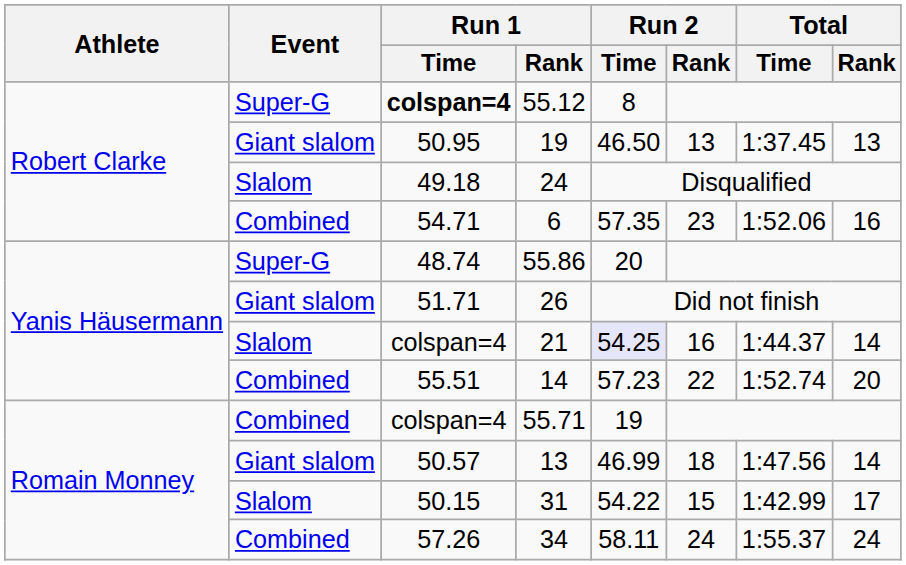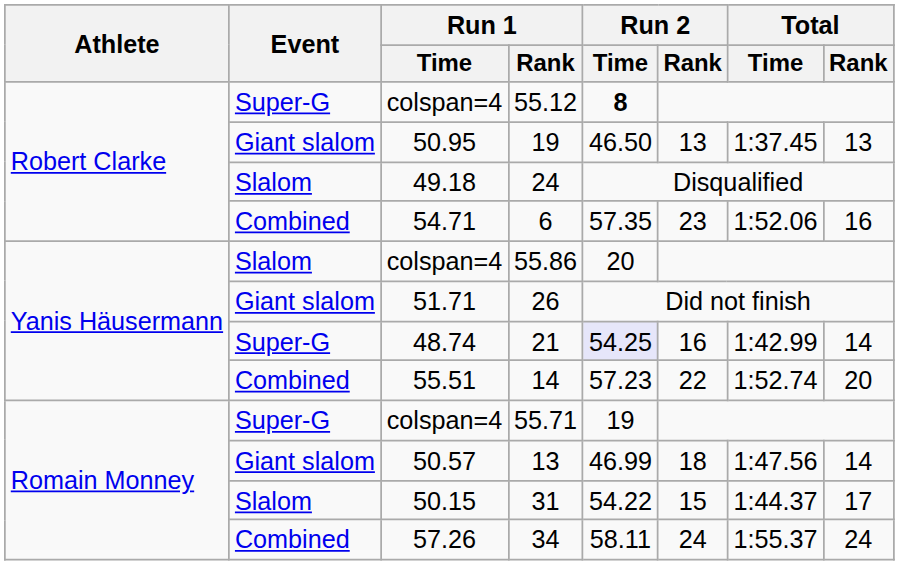 <table class="wikitable" style="font-size:90%">
 <tr>
 <th rowspan=2>Athlete</th>
 <th rowspan=2>Event</th>
 <th colspan=2>Run 1</th>
 <th colspan=2>Run 2</th>
 <th colspan=2>Total</th>
 </tr>
 <tr style="font-size:95%">
 <th>Time</th>
 <th>Rank</th>
 <th>Time</th>
 <th>Rank</th>
 <th>Time</th>
 <th>Rank</th>
 </tr>
 <tr align=center>
 <td align="left" rowspan="4"><a href='#'>Robert Clarke</a></td>
 <td align="left"><a href='#'>Super-G</a></td>
-<td><strong>colspan=4</strong></td>
+<td>colspan=4</td>
 <td>55.12</td>
-<td>8</td>
+<td><strong>8</strong></td>
 </tr>
 <tr align=center>
 <td align="left"><a href='#'>Giant slalom</a></td>
 <td>50.95</td>
 <td>19</td>
 <td>46.50</td>
 <td>13</td>
 <td>1:37.45</td>
 <td>13</td>
 </tr>
 <tr align=center>
 <td align="left"><a href='#'>Slalom</a></td>
 <td>49.18</td>
 <td>24</td>
 <td colspan=4>Disqualified</td>
 </tr>
 <tr align=center>
 <td align="left"><a href='#'>Combined</a></td>
 <td>54.71</td>
 <td>6</td>
 <td>57.35</td>
 <td>23</td>
 <td>1:52.06</td>
 <td>16</td>
 </tr>
 <tr align=center>
 <td align="left" rowspan="4"><a href='#'>Yanis Häusermann</a></td>
-<td align="left"><a href='#'>Super-G</a></td>
-<td>48.74</td>
+<td align="left"><a href='#'>Slalom</a></td>
+<td>colspan=4</td>
 <td>55.86</td>
 <td>20</td>
 </tr>
 <tr align=center>
 <td align="left"><a href='#'>Giant slalom</a></td>
 <td>51.71</td>
 <td>26</td>
 <td colspan=4>Did not finish</td>
 </tr>
 <tr align=center>
-<td align="left"><a href='#'>Slalom</a></td>
-<td>colspan=4</td>
+<td align="left"><a href='#'>Super-G</a></td>
+<td>48.74</td>
 <td>21</td>
 <td style="background: lavender;">54.25</td>
 <td>16</td>
-<td>1:44.37</td>
+<td>1:42.99</td>
 <td>14</td>
 </tr>
 <tr align=center>
 <td align="left"><a href='#'>Combined</a></td>
 <td>55.51</td>
 <td>14</td>
 <td>57.23</td>
 <td>22</td>
 <td>1:52.74</td>
 <td>20</td>
 </tr>
 <tr align=center>
 <td align="left" rowspan="4"><a href='#'>Romain Monney</a></td>
-<td align="left"><a href='#'>Combined</a></td>
+<td align="left"><a href='#'>Super-G</a></td>
 <td>colspan=4</td>
 <td>55.71</td>
 <td>19</td>
 </tr>
 <tr align=center>
 <td align="left"><a href='#'>Giant slalom</a></td>
 <td>50.57</td>
 <td>13</td>
 <td>46.99</td>
 <td>18</td>
 <td>1:47.56</td>
 <td>14</td>
 </tr>
 <tr align=center>
 <td align="left"><a href='#'>Slalom</a></td>
 <td>50.15</td>
 <td>31</td>
 <td>54.22</td>
 <td>15</td>
-<td>1:42.99</td>
+<td>1:44.37</td>
 <td>17</td>
 </tr>
 <tr align=center>
 <td align="left"><a href='#'>Combined</a></td>
 <td>57.26</td>
 <td>34</td>
 <td>58.11</td>
 <td>24</td>
 <td>1:55.37</td>
 <td>24</td>
 </tr>
 </table>
